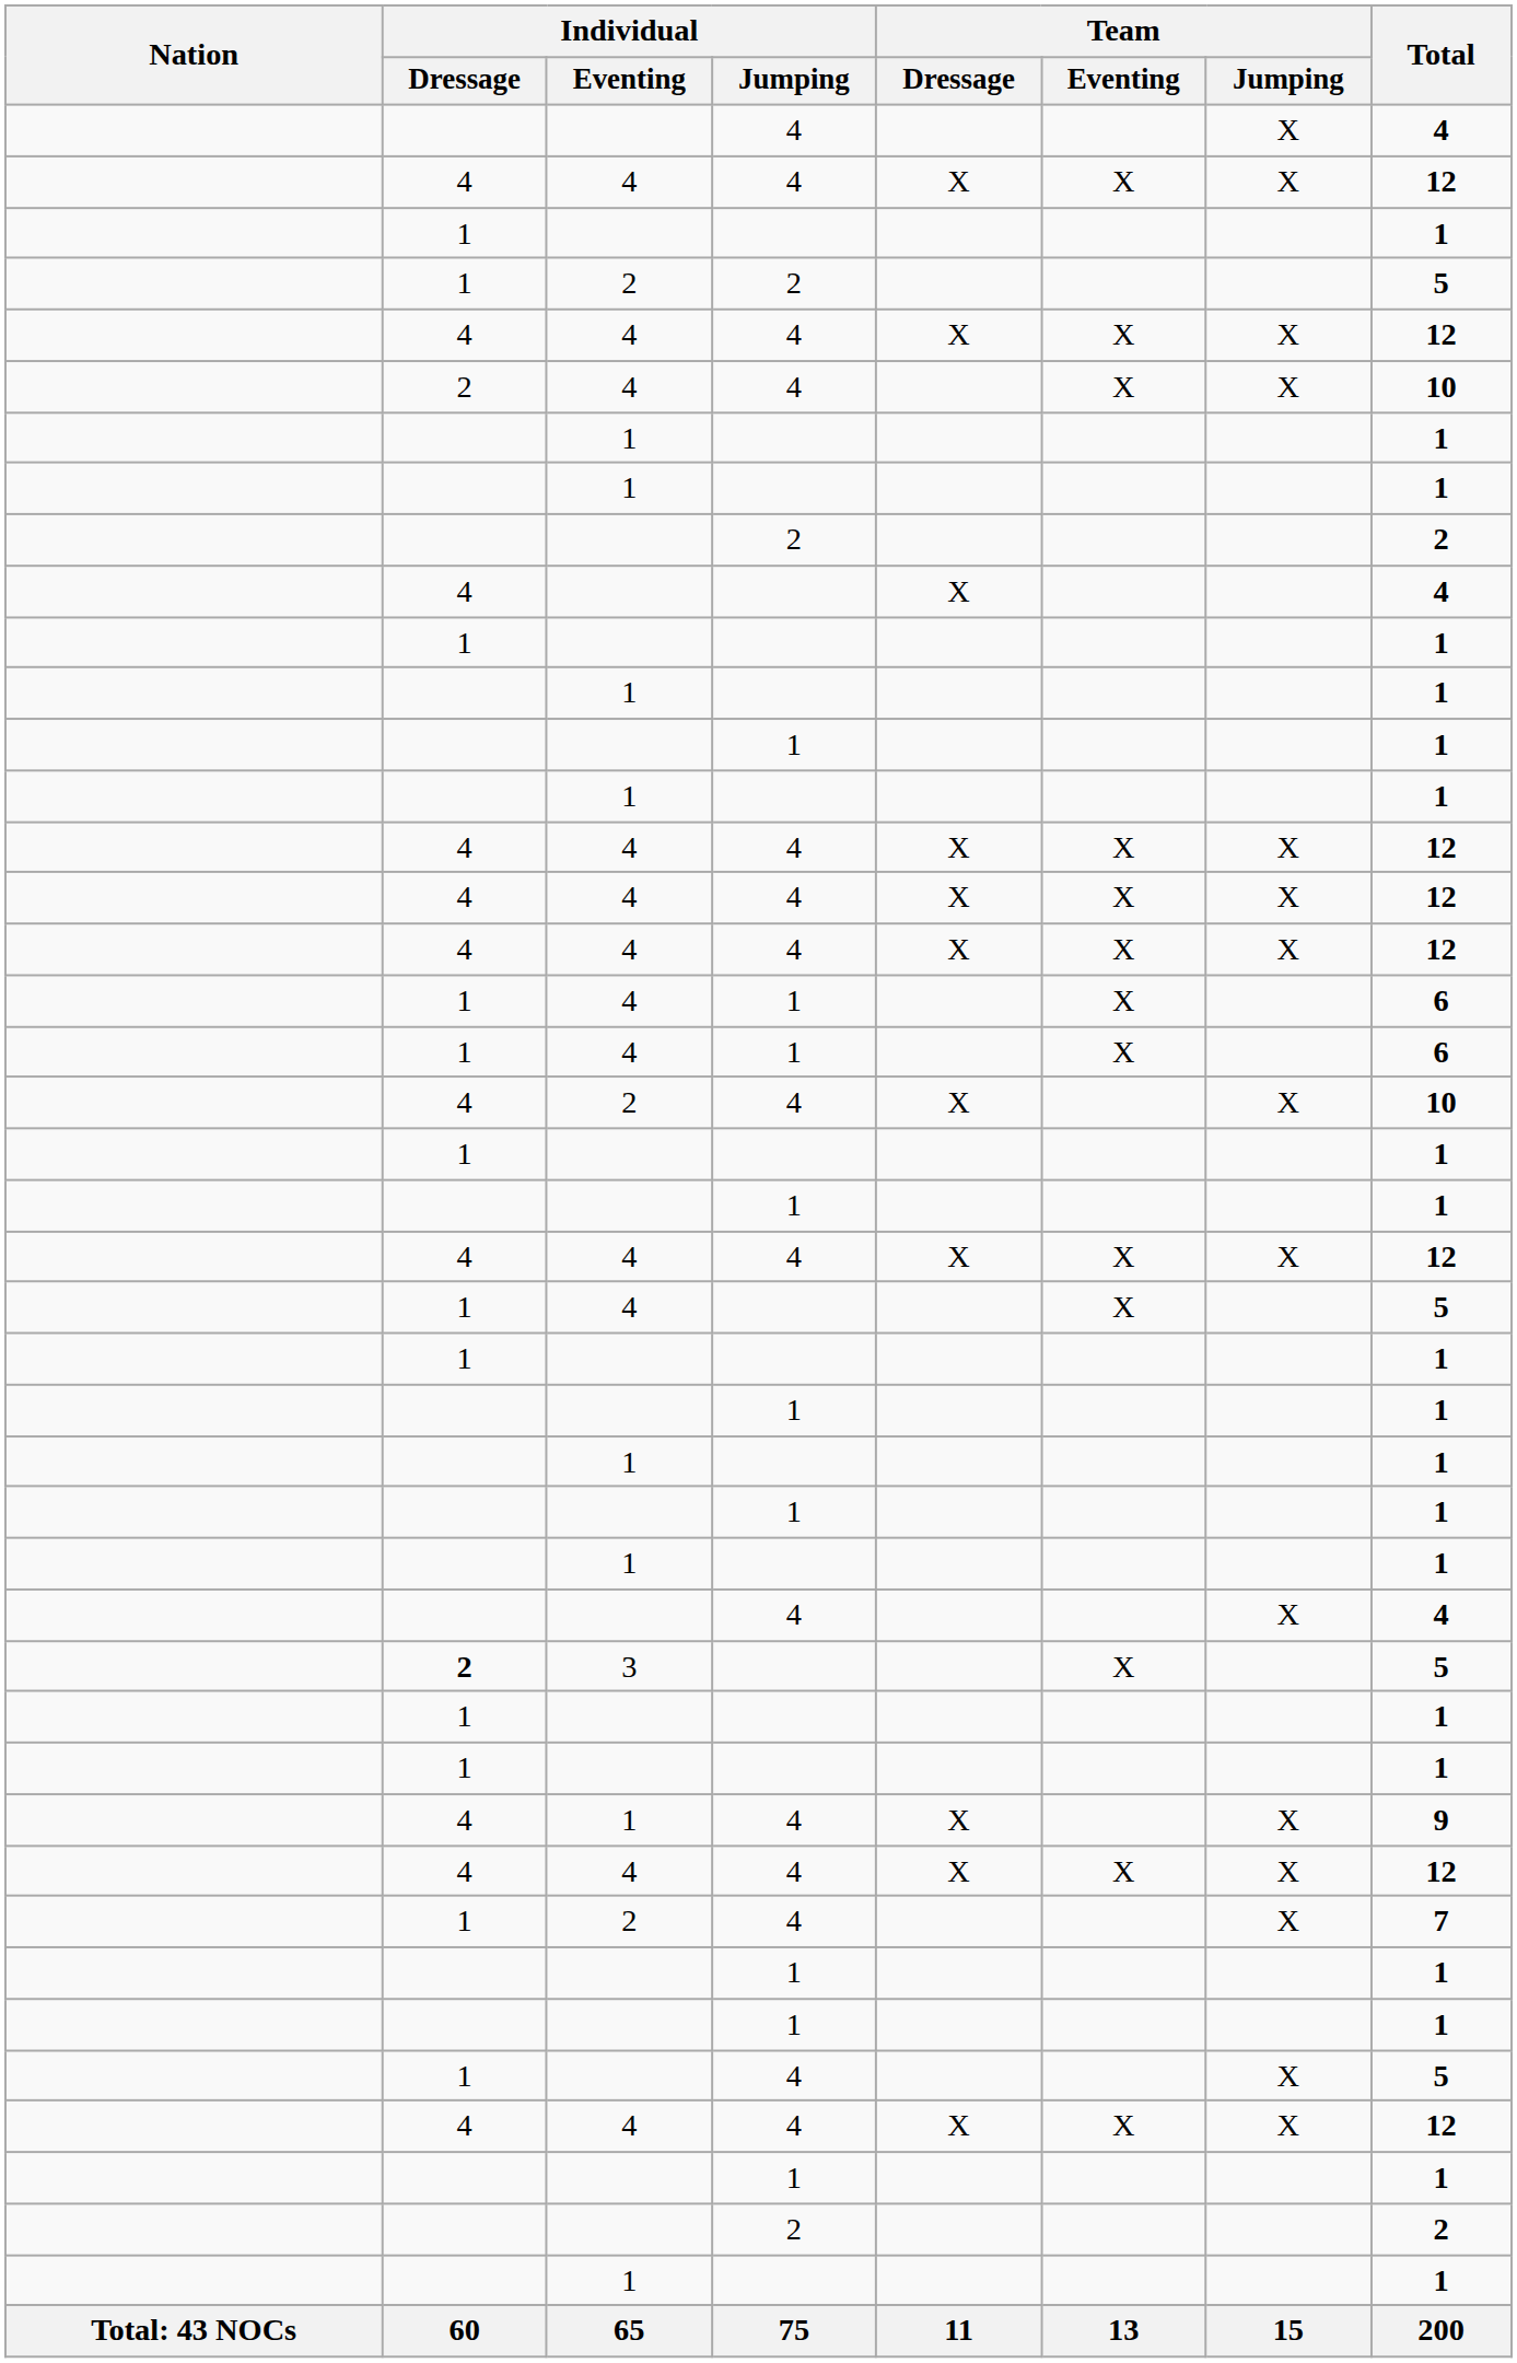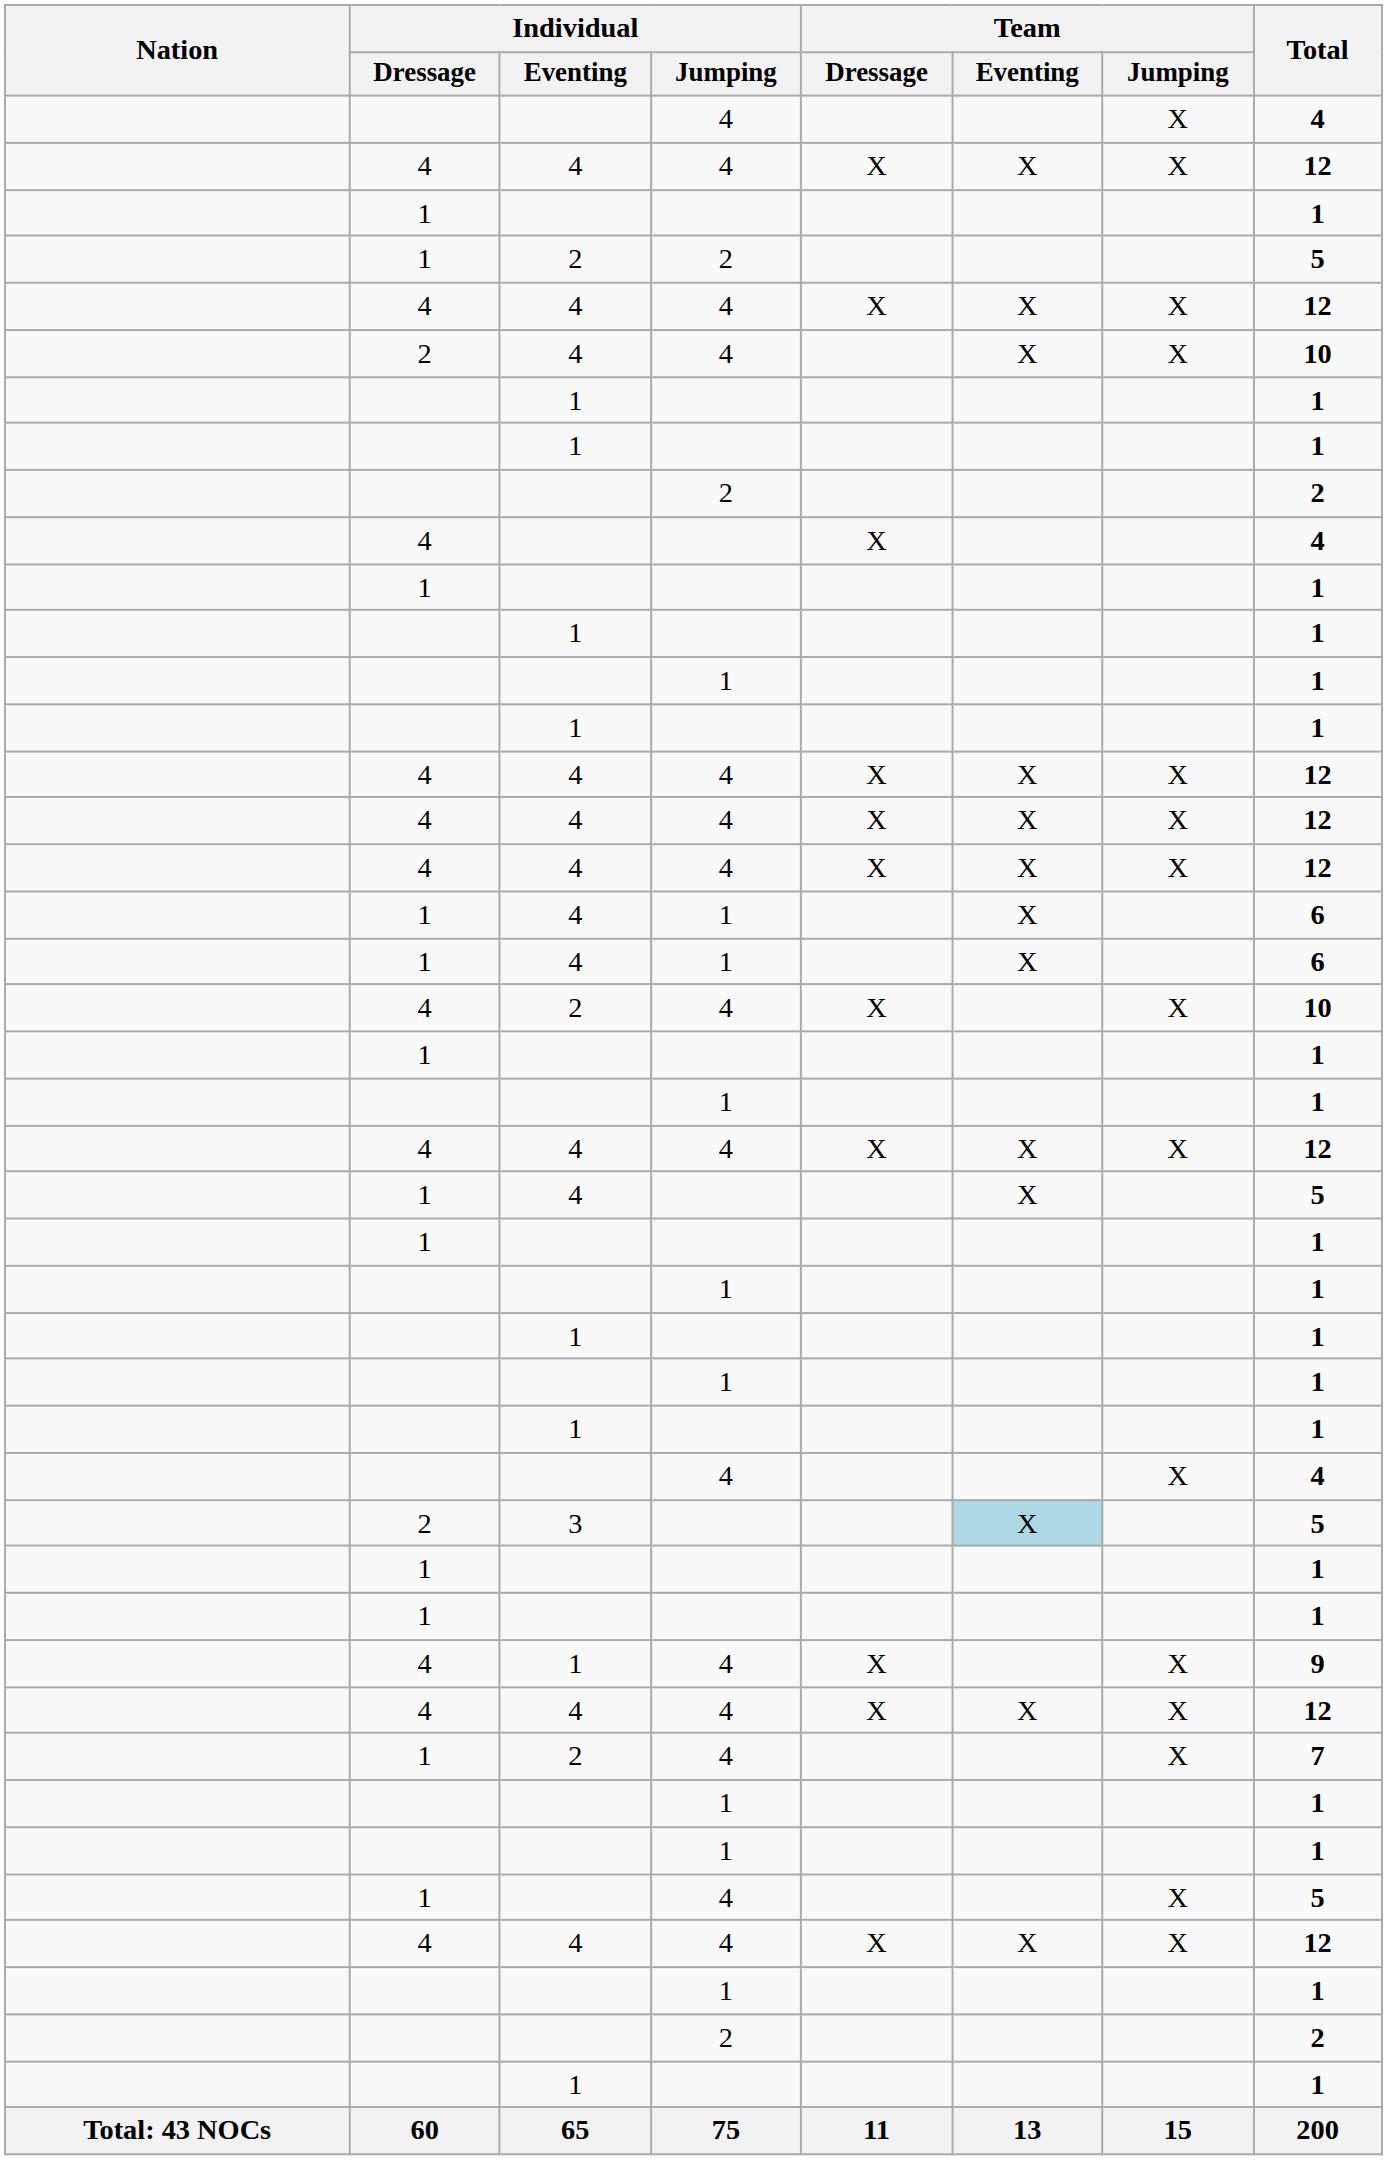 <table class="wikitable" width=700 style="text-align:center; font-size:90%">
 <tr>
 <th rowspan="2" align="left">Nation</th>
 <th colspan="3">Individual</th>
 <th colspan="3">Team</th>
 <th rowspan="2">Total</th>
 </tr>
 <tr style="font-size:95%">
 <th width=70>Dressage</th>
 <th width=70>Eventing</th>
 <th width=70>Jumping</th>
 <th width=70>Dressage</th>
 <th width=70>Eventing</th>
 <th width=70>Jumping</th>
 </tr>
 <tr>
 <td align=left></td>
 <td></td>
 <td></td>
 <td>4</td>
 <td></td>
 <td></td>
 <td>X</td>
 <td><strong>4</strong></td>
 </tr>
 <tr>
 <td align=left></td>
 <td>4</td>
 <td>4</td>
 <td>4</td>
 <td>X</td>
 <td>X</td>
 <td>X</td>
 <td><strong>12</strong></td>
 </tr>
 <tr>
 <td align=left></td>
 <td>1</td>
 <td></td>
 <td></td>
 <td></td>
 <td></td>
 <td></td>
 <td><strong>1</strong></td>
 </tr>
 <tr>
 <td align=left></td>
 <td>1</td>
 <td>2</td>
 <td>2</td>
 <td></td>
 <td></td>
 <td></td>
 <td><strong>5</strong></td>
 </tr>
 <tr>
 <td align=left></td>
 <td>4</td>
 <td>4</td>
 <td>4</td>
 <td>X</td>
 <td>X</td>
 <td>X</td>
 <td><strong>12</strong></td>
 </tr>
 <tr>
 <td align=left></td>
 <td>2</td>
 <td>4</td>
 <td>4</td>
 <td></td>
 <td>X</td>
 <td>X</td>
 <td><strong>10</strong></td>
 </tr>
 <tr>
 <td align=left></td>
 <td></td>
 <td>1</td>
 <td></td>
 <td></td>
 <td></td>
 <td></td>
 <td><strong>1</strong></td>
 </tr>
 <tr>
 <td align=left></td>
 <td></td>
 <td>1</td>
 <td></td>
 <td></td>
 <td></td>
 <td></td>
 <td><strong>1</strong></td>
 </tr>
 <tr>
 <td align=left></td>
 <td></td>
 <td></td>
 <td>2</td>
 <td></td>
 <td></td>
 <td></td>
 <td><strong>2</strong></td>
 </tr>
 <tr>
 <td align=left></td>
 <td>4</td>
 <td></td>
 <td></td>
 <td>X</td>
 <td></td>
 <td></td>
 <td><strong>4</strong></td>
 </tr>
 <tr>
 <td align=left></td>
 <td>1</td>
 <td></td>
 <td></td>
 <td></td>
 <td></td>
 <td></td>
 <td><strong>1</strong></td>
 </tr>
 <tr>
 <td align=left></td>
 <td></td>
 <td>1</td>
 <td></td>
 <td></td>
 <td></td>
 <td></td>
 <td><strong>1</strong></td>
 </tr>
 <tr>
 <td align=left></td>
 <td></td>
 <td></td>
 <td>1</td>
 <td></td>
 <td></td>
 <td></td>
 <td><strong>1</strong></td>
 </tr>
 <tr>
 <td align=left></td>
 <td></td>
 <td>1</td>
 <td></td>
 <td></td>
 <td></td>
 <td></td>
 <td><strong>1</strong></td>
 </tr>
 <tr>
 <td align=left></td>
 <td>4</td>
 <td>4</td>
 <td>4</td>
 <td>X</td>
 <td>X</td>
 <td>X</td>
 <td><strong>12</strong></td>
 </tr>
 <tr>
 <td align=left></td>
 <td>4</td>
 <td>4</td>
 <td>4</td>
 <td>X</td>
 <td>X</td>
 <td>X</td>
 <td><strong>12</strong></td>
 </tr>
 <tr>
 <td align=left></td>
 <td>4</td>
 <td>4</td>
 <td>4</td>
 <td>X</td>
 <td>X</td>
 <td>X</td>
 <td><strong>12</strong></td>
 </tr>
 <tr>
 <td align=left></td>
 <td>1</td>
 <td>4</td>
 <td>1</td>
 <td></td>
 <td>X</td>
 <td></td>
 <td><strong>6</strong></td>
 </tr>
 <tr>
 <td align=left></td>
 <td>1</td>
 <td>4</td>
 <td>1</td>
 <td></td>
 <td>X</td>
 <td></td>
 <td><strong>6</strong></td>
 </tr>
 <tr>
 <td align=left></td>
 <td>4</td>
 <td>2</td>
 <td>4</td>
 <td>X</td>
 <td></td>
 <td>X</td>
 <td><strong>10</strong></td>
 </tr>
 <tr>
 <td align=left></td>
 <td>1</td>
 <td></td>
 <td></td>
 <td></td>
 <td></td>
 <td></td>
 <td><strong>1</strong></td>
 </tr>
 <tr>
 <td align=left></td>
 <td></td>
 <td></td>
 <td>1</td>
 <td></td>
 <td></td>
 <td></td>
 <td><strong>1</strong></td>
 </tr>
 <tr>
 <td align=left></td>
 <td>4</td>
 <td>4</td>
 <td>4</td>
 <td>X</td>
 <td>X</td>
 <td>X</td>
 <td><strong>12</strong></td>
 </tr>
 <tr>
 <td align=left></td>
 <td>1</td>
 <td>4</td>
 <td></td>
 <td></td>
 <td>X</td>
 <td></td>
 <td><strong>5</strong></td>
 </tr>
 <tr>
 <td align=left></td>
 <td>1</td>
 <td></td>
 <td></td>
 <td></td>
 <td></td>
 <td></td>
 <td><strong>1</strong></td>
 </tr>
 <tr>
 <td align=left></td>
 <td></td>
 <td></td>
 <td>1</td>
 <td></td>
 <td></td>
 <td></td>
 <td><strong>1</strong></td>
 </tr>
 <tr>
 <td align=left></td>
 <td></td>
 <td>1</td>
 <td></td>
 <td></td>
 <td></td>
 <td></td>
 <td><strong>1</strong></td>
 </tr>
 <tr>
 <td align=left></td>
 <td></td>
 <td></td>
 <td>1</td>
 <td></td>
 <td></td>
 <td></td>
 <td><strong>1</strong></td>
 </tr>
 <tr>
 <td align=left></td>
 <td></td>
 <td>1</td>
 <td></td>
 <td></td>
 <td></td>
 <td></td>
 <td><strong>1</strong></td>
 </tr>
 <tr>
 <td align=left></td>
 <td></td>
 <td></td>
 <td>4</td>
 <td></td>
 <td></td>
 <td>X</td>
 <td><strong>4</strong></td>
 </tr>
 <tr>
 <td align=left></td>
-<td><strong>2</strong></td>
+<td>2</td>
 <td>3</td>
 <td></td>
 <td></td>
-<td>X</td>
+<td style="background: lightblue;">X</td>
 <td></td>
 <td><strong>5</strong></td>
 </tr>
 <tr>
 <td align=left></td>
 <td>1</td>
 <td></td>
 <td></td>
 <td></td>
 <td></td>
 <td></td>
 <td><strong>1</strong></td>
 </tr>
 <tr>
 <td align=left></td>
 <td>1</td>
 <td></td>
 <td></td>
 <td></td>
 <td></td>
 <td></td>
 <td><strong>1</strong></td>
 </tr>
 <tr>
 <td align=left></td>
 <td>4</td>
 <td>1</td>
 <td>4</td>
 <td>X</td>
 <td></td>
 <td>X</td>
 <td><strong>9</strong></td>
 </tr>
 <tr>
 <td align=left></td>
 <td>4</td>
 <td>4</td>
 <td>4</td>
 <td>X</td>
 <td>X</td>
 <td>X</td>
 <td><strong>12</strong></td>
 </tr>
 <tr>
 <td align=left></td>
 <td>1</td>
 <td>2</td>
 <td>4</td>
 <td></td>
 <td></td>
 <td>X</td>
 <td><strong>7</strong></td>
 </tr>
 <tr>
 <td align=left></td>
 <td></td>
 <td></td>
 <td>1</td>
 <td></td>
 <td></td>
 <td></td>
 <td><strong>1</strong></td>
 </tr>
 <tr>
 <td align=left></td>
 <td></td>
 <td></td>
 <td>1</td>
 <td></td>
 <td></td>
 <td></td>
 <td><strong>1</strong></td>
 </tr>
 <tr>
 <td align=left></td>
 <td>1</td>
 <td></td>
 <td>4</td>
 <td></td>
 <td></td>
 <td>X</td>
 <td><strong>5</strong></td>
 </tr>
 <tr>
 <td align=left></td>
 <td>4</td>
 <td>4</td>
 <td>4</td>
 <td>X</td>
 <td>X</td>
 <td>X</td>
 <td><strong>12</strong></td>
 </tr>
 <tr>
 <td align=left></td>
 <td></td>
 <td></td>
 <td>1</td>
 <td></td>
 <td></td>
 <td></td>
 <td><strong>1</strong></td>
 </tr>
 <tr>
 <td align=left></td>
 <td></td>
 <td></td>
 <td>2</td>
 <td></td>
 <td></td>
 <td></td>
 <td><strong>2</strong></td>
 </tr>
 <tr>
 <td align=left></td>
 <td></td>
 <td>1</td>
 <td></td>
 <td></td>
 <td></td>
 <td></td>
 <td><strong>1</strong></td>
 </tr>
 <tr>
 <th>Total: 43 NOCs</th>
 <th>60</th>
 <th>65</th>
 <th>75</th>
 <th>11</th>
 <th>13</th>
 <th>15</th>
 <th>200</th>
 </tr>
 </table>
